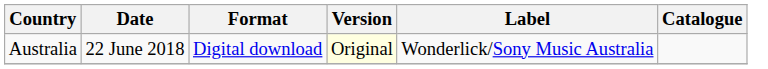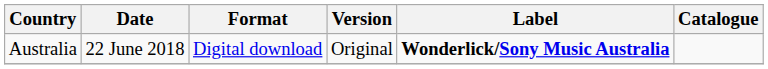 <table class="wikitable">
 <tr>
 <th>Country</th>
 <th>Date</th>
 <th>Format</th>
 <th>Version</th>
 <th>Label</th>
 <th>Catalogue</th>
 </tr>
 <tr>
 <td>Australia</td>
 <td>22 June 2018</td>
 <td><a href='#'>Digital download</a></td>
-<td style="background: lightyellow;">Original</td>
-<td>Wonderlick/<a href='#'>Sony Music Australia</a></td>
+<td>Original</td>
+<td><strong>Wonderlick/<a href='#'>Sony Music Australia</a></strong></td>
 <td></td>
 </tr>
 <tr>
 </tr>
 </table>
